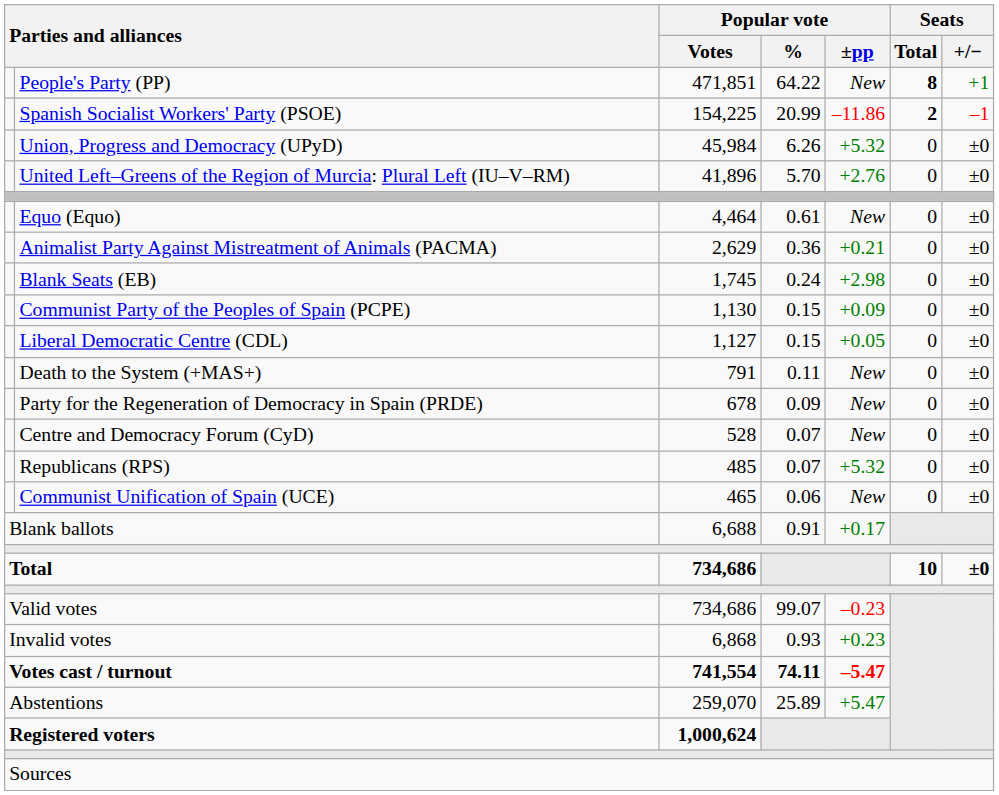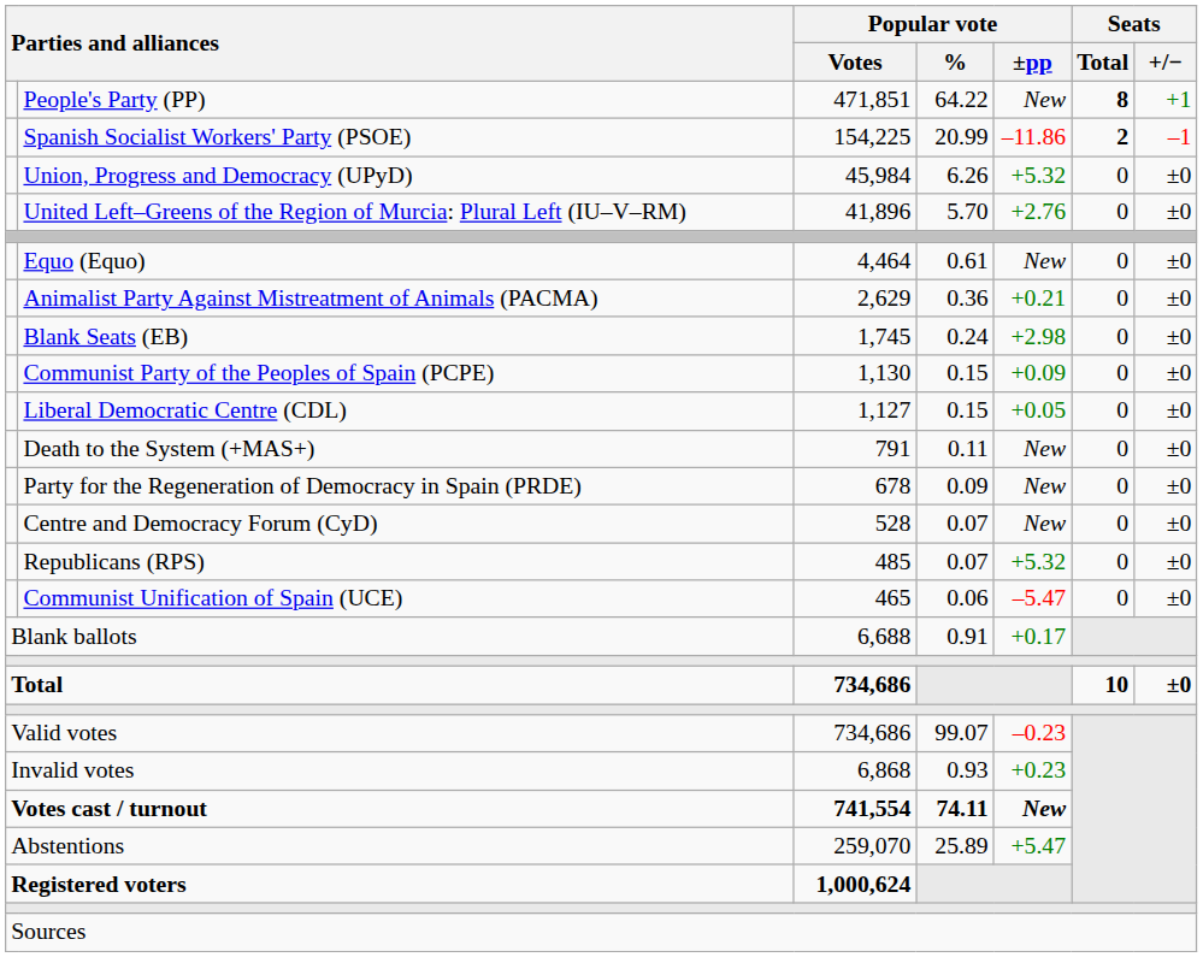 <table class="wikitable" style="text-align:right;">
 <tr>
 <th style="text-align:left;" rowspan="2" colspan="2" width="525">Parties and alliances</th>
 <th colspan="3">Popular vote</th>
 <th colspan="2">Seats</th>
 </tr>
 <tr>
 <th width="75">Votes</th>
 <th width="45">%</th>
 <th width="45">±<a href='#'>pp</a></th>
 <th width="35">Total</th>
 <th width="35">+/−</th>
 </tr>
 <tr>
 <td width="1" style="color:inherit;background:"></td>
 <td align="left"><a href='#'>People's Party</a> (PP)</td>
 <td>471,851</td>
 <td>64.22</td>
 <td><em>New</em></td>
 <td><strong>8</strong></td>
 <td style="color:green;">+1</td>
 </tr>
 <tr>
 <td style="color:inherit;background:"></td>
 <td align="left"><a href='#'>Spanish Socialist Workers' Party</a> (PSOE)</td>
 <td>154,225</td>
 <td>20.99</td>
 <td style="color:red;">–11.86</td>
 <td><strong>2</strong></td>
 <td style="color:red;">–1</td>
 </tr>
 <tr>
 <td style="color:inherit;background:"></td>
 <td align="left"><a href='#'>Union, Progress and Democracy</a> (UPyD)</td>
 <td>45,984</td>
 <td>6.26</td>
 <td style="color:green;">+5.32</td>
 <td>0</td>
 <td>±0</td>
 </tr>
 <tr>
 <td style="color:inherit;background:"></td>
 <td align="left"><a href='#'>United Left–Greens of the Region of Murcia</a>: <a href='#'>Plural Left</a> (IU–V–RM)</td>
 <td>41,896</td>
 <td>5.70</td>
 <td style="color:green;">+2.76</td>
 <td>0</td>
 <td>±0</td>
 </tr>
 <tr>
 <td colspan="7" bgcolor="#C0C0C0"></td>
 </tr>
 <tr>
 <td style="color:inherit;background:"></td>
 <td align="left"><a href='#'>Equo</a> (Equo)</td>
 <td>4,464</td>
 <td>0.61</td>
 <td><em>New</em></td>
 <td>0</td>
 <td>±0</td>
 </tr>
 <tr>
 <td style="color:inherit;background:"></td>
 <td align="left"><a href='#'>Animalist Party Against Mistreatment of Animals</a> (PACMA)</td>
 <td>2,629</td>
 <td>0.36</td>
 <td style="color:green;">+0.21</td>
 <td>0</td>
 <td>±0</td>
 </tr>
 <tr>
 <td style="color:inherit;background:"></td>
 <td align="left"><a href='#'>Blank Seats</a> (EB)</td>
 <td>1,745</td>
 <td>0.24</td>
 <td style="color:green;">+2.98</td>
 <td>0</td>
 <td>±0</td>
 </tr>
 <tr>
 <td style="color:inherit;background:"></td>
 <td align="left"><a href='#'>Communist Party of the Peoples of Spain</a> (PCPE)</td>
 <td>1,130</td>
 <td>0.15</td>
 <td style="color:green;">+0.09</td>
 <td>0</td>
 <td>±0</td>
 </tr>
 <tr>
 <td style="color:inherit;background:"></td>
 <td align="left"><a href='#'>Liberal Democratic Centre</a> (CDL)</td>
 <td>1,127</td>
 <td>0.15</td>
 <td style="color:green;">+0.05</td>
 <td>0</td>
 <td>±0</td>
 </tr>
 <tr>
 <td style="color:inherit;background:"></td>
 <td align="left">Death to the System (+MAS+)</td>
 <td>791</td>
 <td>0.11</td>
 <td><em>New</em></td>
 <td>0</td>
 <td>±0</td>
 </tr>
 <tr>
 <td style="color:inherit;background:"></td>
 <td align="left">Party for the Regeneration of Democracy in Spain (PRDE)</td>
 <td>678</td>
 <td>0.09</td>
 <td><em>New</em></td>
 <td>0</td>
 <td>±0</td>
 </tr>
 <tr>
 <td style="color:inherit;background:"></td>
 <td align="left">Centre and Democracy Forum (CyD)</td>
 <td>528</td>
 <td>0.07</td>
 <td><em>New</em></td>
 <td>0</td>
 <td>±0</td>
 </tr>
 <tr>
 <td style="color:inherit;background:"></td>
 <td align="left">Republicans (RPS)</td>
 <td>485</td>
 <td>0.07</td>
 <td style="color:green;">+5.32</td>
 <td>0</td>
 <td>±0</td>
 </tr>
 <tr>
 <td style="color:inherit;background:"></td>
 <td align="left"><a href='#'>Communist Unification of Spain</a> (UCE)</td>
 <td>465</td>
 <td>0.06</td>
-<td><em>New</em></td>
+<td style="color:red;">–5.47</td>
 <td>0</td>
 <td>±0</td>
 </tr>
 <tr>
 <td align="left" colspan="2">Blank ballots</td>
 <td>6,688</td>
 <td>0.91</td>
 <td style="color:green;">+0.17</td>
 <td bgcolor="#E9E9E9" colspan="2"></td>
 </tr>
 <tr>
 <td colspan="7" bgcolor="#E9E9E9"></td>
 </tr>
 <tr style="font-weight:bold;">
 <td align="left" colspan="2">Total</td>
 <td>734,686</td>
 <td bgcolor="#E9E9E9" colspan="2"></td>
 <td>10</td>
 <td>±0</td>
 </tr>
 <tr>
 <td colspan="7" bgcolor="#E9E9E9"></td>
 </tr>
 <tr>
 <td align="left" colspan="2">Valid votes</td>
 <td>734,686</td>
 <td>99.07</td>
 <td style="color:red;">–0.23</td>
 <td bgcolor="#E9E9E9" colspan="2" rowspan="5"></td>
 </tr>
 <tr>
 <td align="left" colspan="2">Invalid votes</td>
 <td>6,868</td>
 <td>0.93</td>
 <td style="color:green;">+0.23</td>
 </tr>
 <tr style="font-weight:bold;">
 <td align="left" colspan="2">Votes cast / turnout</td>
 <td>741,554</td>
 <td>74.11</td>
-<td style="color:red;">–5.47</td>
+<td><em>New</em></td>
 </tr>
 <tr>
 <td align="left" colspan="2">Abstentions</td>
 <td>259,070</td>
 <td>25.89</td>
 <td style="color:green;">+5.47</td>
 </tr>
 <tr style="font-weight:bold;">
 <td align="left" colspan="2">Registered voters</td>
 <td>1,000,624</td>
 <td bgcolor="#E9E9E9" colspan="2"></td>
 </tr>
 <tr>
 <td colspan="7" bgcolor="#E9E9E9"></td>
 </tr>
 <tr>
 <td align="left" colspan="7">Sources</td>
 </tr>
 </table>
